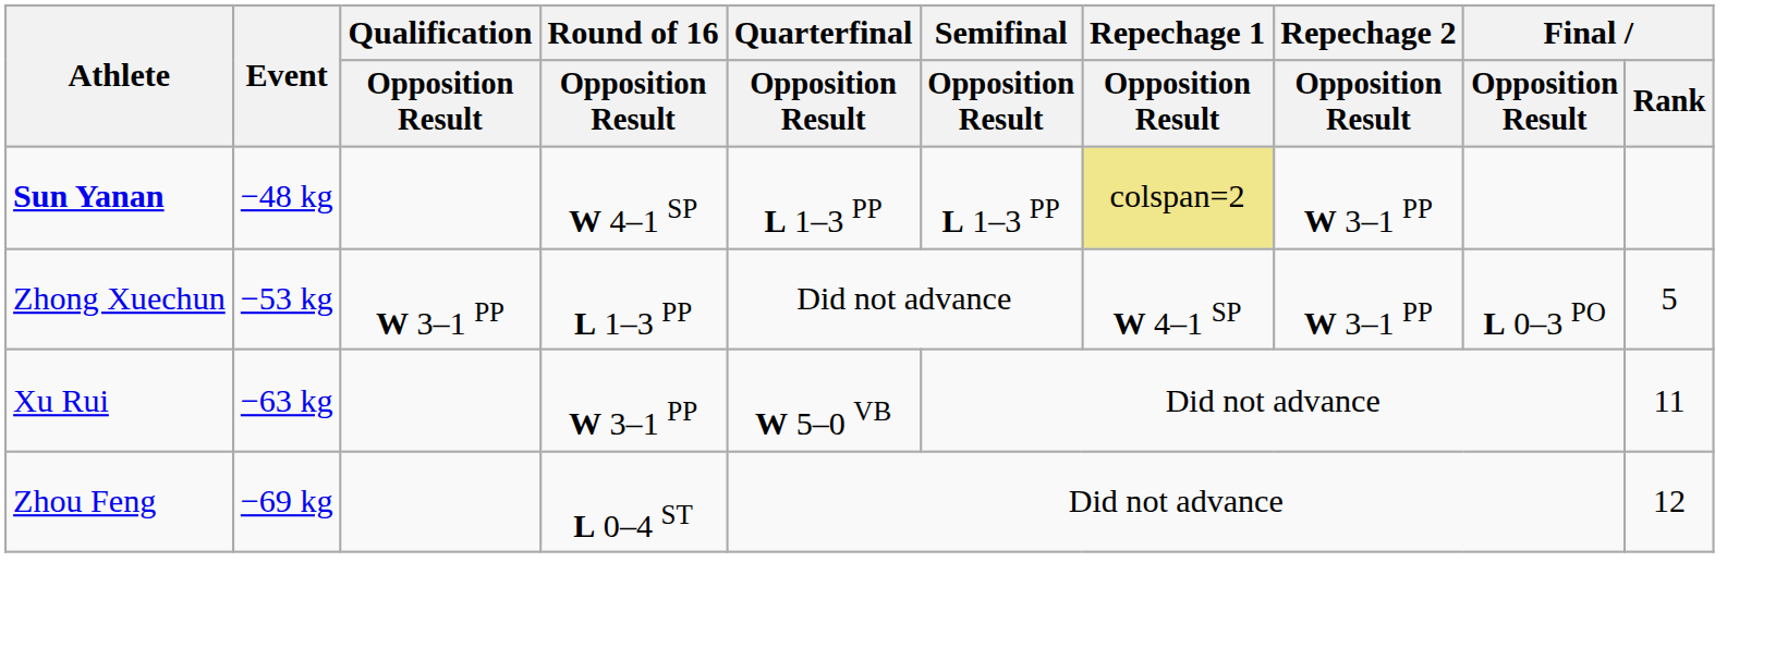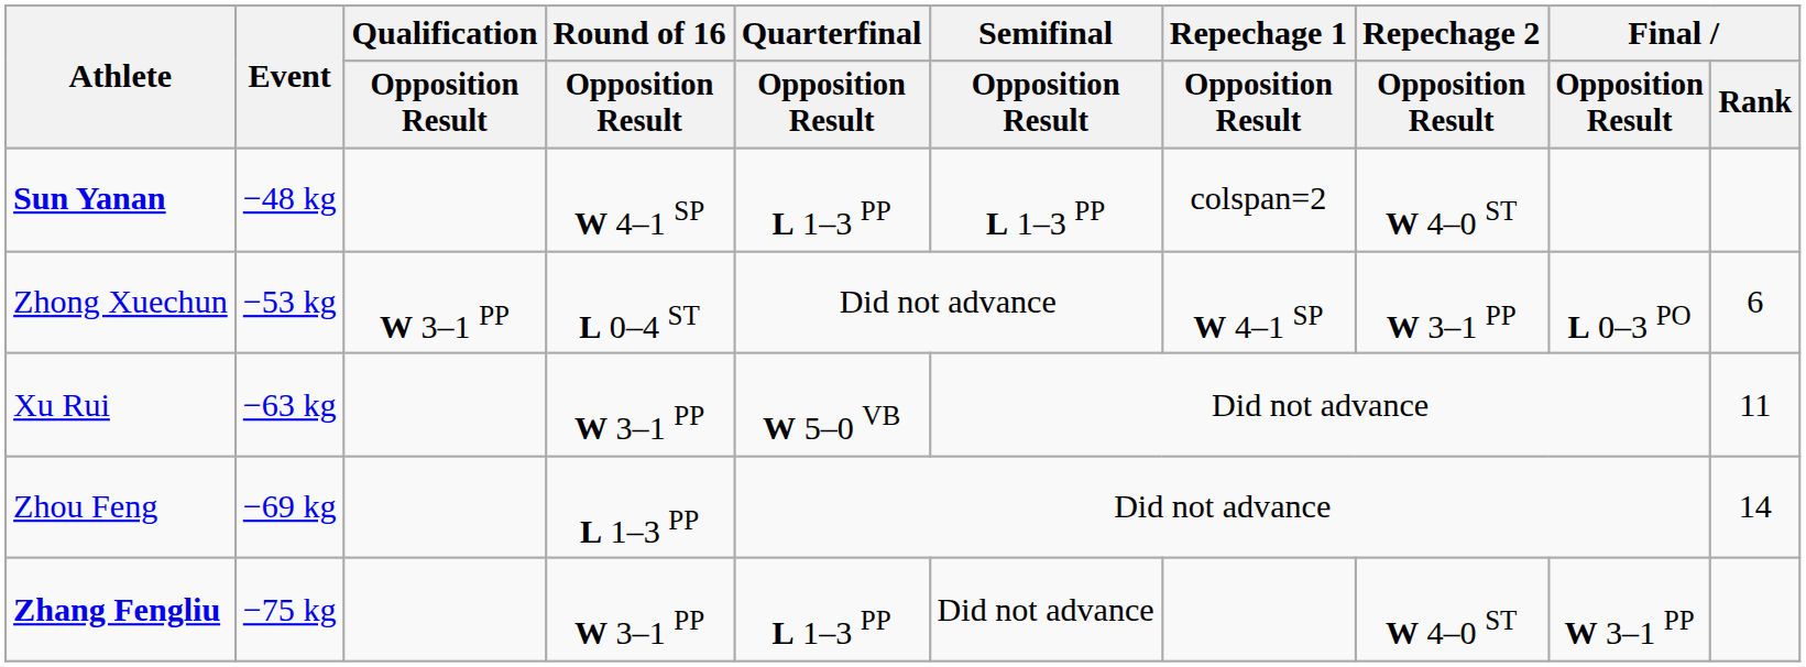 <table class="wikitable" style="font-size:90%">
 <tr>
 <th rowspan=2>Athlete</th>
 <th rowspan=2>Event</th>
 <th>Qualification</th>
 <th>Round of 16</th>
 <th>Quarterfinal</th>
 <th>Semifinal</th>
 <th>Repechage 1</th>
 <th>Repechage 2</th>
 <th colspan=2>Final / </th>
 </tr>
 <tr style="font-size: 95%">
 <th>Opposition<br>Result</th>
 <th>Opposition<br>Result</th>
 <th>Opposition<br>Result</th>
 <th>Opposition<br>Result</th>
 <th>Opposition<br>Result</th>
 <th>Opposition<br>Result</th>
 <th>Opposition<br>Result</th>
 <th>Rank</th>
 </tr>
 <tr align=center>
 <td align=left><strong><a href='#'>Sun Yanan</a></strong></td>
 <td align=left><a href='#'>−48 kg</a></td>
 <td></td>
 <td><br><strong>W</strong> 4–1 <sup>SP</sup></td>
 <td><br><strong>L</strong> 1–3 <sup>PP</sup></td>
 <td><br><strong>L</strong> 1–3 <sup>PP</sup></td>
-<td style="background: khaki;">colspan=2 </td>
-<td><br><strong>W</strong> 3–1 <sup>PP</sup></td>
+<td>colspan=2 </td>
+<td><br><strong>W</strong> 4–0 <sup>ST</sup></td>
 <td></td>
 </tr>
 <tr align=center>
 <td align=left><a href='#'>Zhong Xuechun</a></td>
 <td align=left><a href='#'>−53 kg</a></td>
 <td><br><strong>W</strong> 3–1 <sup>PP</sup></td>
-<td><br><strong>L</strong> 1–3 <sup>PP</sup></td>
+<td><br><strong>L</strong> 0–4 <sup>ST</sup></td>
 <td colspan=2>Did not advance</td>
 <td><br><strong>W</strong> 4–1 <sup>SP</sup></td>
 <td><br><strong>W</strong> 3–1 <sup>PP</sup></td>
 <td><br><strong>L</strong> 0–3 <sup>PO</sup></td>
-<td>5</td>
+<td>6</td>
 </tr>
 <tr align=center>
 <td align=left><a href='#'>Xu Rui</a></td>
 <td align=left><a href='#'>−63 kg</a></td>
 <td></td>
 <td><br><strong>W</strong> 3–1 <sup>PP</sup></td>
 <td><br><strong>W</strong> 5–0 <sup>VB</sup></td>
 <td colspan=4>Did not advance</td>
 <td>11</td>
 </tr>
 <tr align=center>
 <td align=left><a href='#'>Zhou Feng</a></td>
 <td align=left><a href='#'>−69 kg</a></td>
 <td></td>
-<td><br><strong>L</strong> 0–4 <sup>ST</sup></td>
+<td><br><strong>L</strong> 1–3 <sup>PP</sup></td>
 <td colspan=5>Did not advance</td>
-<td>12</td>
+<td>14</td>
+</tr>
+<tr align=center>
+<td align=left><strong><a href='#'>Zhang Fengliu</a></strong></td>
+<td align=left><a href='#'>−75 kg</a></td>
+<td></td>
+<td><br><strong>W</strong> 3–1 <sup>PP</sup></td>
+<td><br><strong>L</strong> 1–3 <sup>PP</sup></td>
+<td>Did not advance</td>
+<td></td>
+<td><br><strong>W</strong> 4–0 <sup>ST</sup></td>
+<td><br><strong>W</strong> 3–1 <sup>PP</sup></td>
+<td></td>
 </tr>
 </table>
